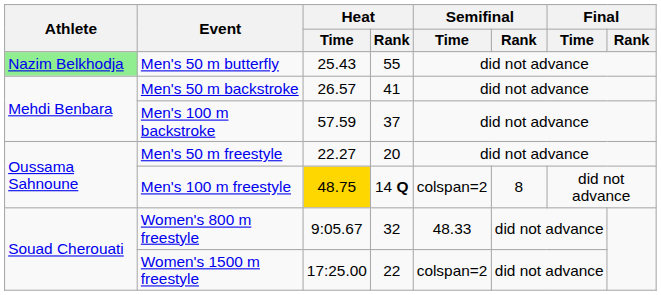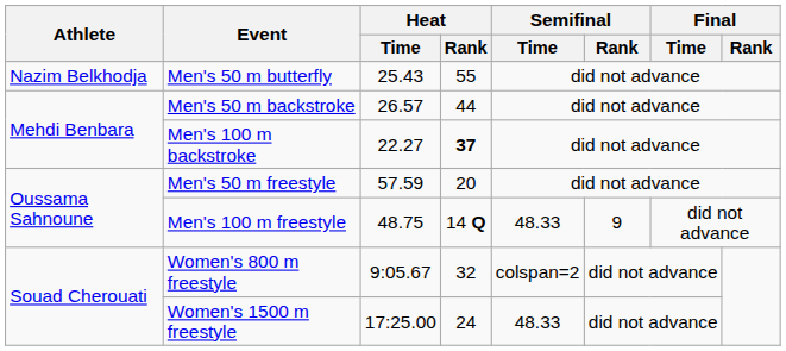 <table class=wikitable style="font-size:90%">
 <tr>
 <th rowspan="2">Athlete</th>
 <th rowspan="2">Event</th>
 <th colspan="2">Heat</th>
 <th colspan="2">Semifinal</th>
 <th colspan="2">Final</th>
 </tr>
 <tr style="font-size:95%">
 <th>Time</th>
 <th>Rank</th>
 <th>Time</th>
 <th>Rank</th>
 <th>Time</th>
 <th>Rank</th>
 </tr>
 <tr align=center>
-<td align=left style="background: lightgreen;"><a href='#'>Nazim Belkhodja</a></td>
+<td align=left><a href='#'>Nazim Belkhodja</a></td>
 <td align=left><a href='#'>Men's 50 m butterfly</a></td>
 <td>25.43</td>
 <td>55</td>
 <td colspan=4>did not advance</td>
 </tr>
 <tr align=center>
 <td align=left rowspan=2><a href='#'>Mehdi Benbara</a></td>
 <td align=left><a href='#'>Men's 50 m backstroke</a></td>
 <td>26.57</td>
-<td>41</td>
+<td>44</td>
 <td colspan=4>did not advance</td>
 </tr>
 <tr align=center>
 <td align=left><a href='#'>Men's 100 m backstroke</a></td>
-<td>57.59</td>
-<td>37</td>
+<td>22.27</td>
+<td><strong>37</strong></td>
 <td colspan=4>did not advance</td>
 </tr>
 <tr align=center>
 <td align=left rowspan=2><a href='#'>Oussama Sahnoune</a></td>
 <td align=left><a href='#'>Men's 50 m freestyle</a></td>
-<td>22.27</td>
+<td>57.59</td>
 <td>20</td>
 <td colspan=4>did not advance</td>
 </tr>
 <tr align=center>
 <td align=left><a href='#'>Men's 100 m freestyle</a></td>
-<td style="background: gold;">48.75</td>
+<td>48.75</td>
 <td>14 <strong>Q</strong></td>
-<td>colspan=2 </td>
-<td>8</td>
+<td>48.33</td>
+<td>9</td>
 <td colspan=2>did not advance</td>
 </tr>
 <tr align=center>
 <td align=left rowspan=2><a href='#'>Souad Cherouati</a></td>
 <td align=left><a href='#'>Women's 800 m freestyle</a></td>
 <td>9:05.67</td>
 <td>32</td>
-<td>48.33</td>
+<td>colspan=2 </td>
 <td colspan=2>did not advance</td>
 </tr>
 <tr align=center>
 <td align=left><a href='#'>Women's 1500 m freestyle</a></td>
 <td>17:25.00</td>
-<td>22</td>
-<td>colspan=2 </td>
+<td>24</td>
+<td>48.33</td>
 <td colspan=2>did not advance</td>
 </tr>
 </table>
